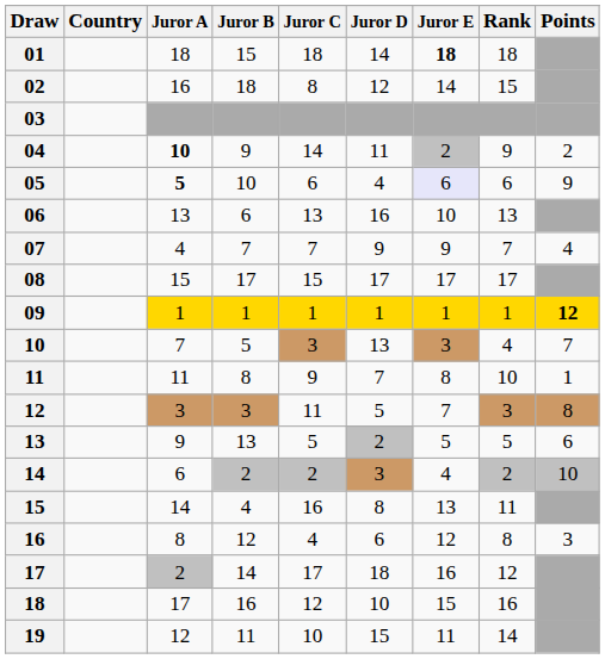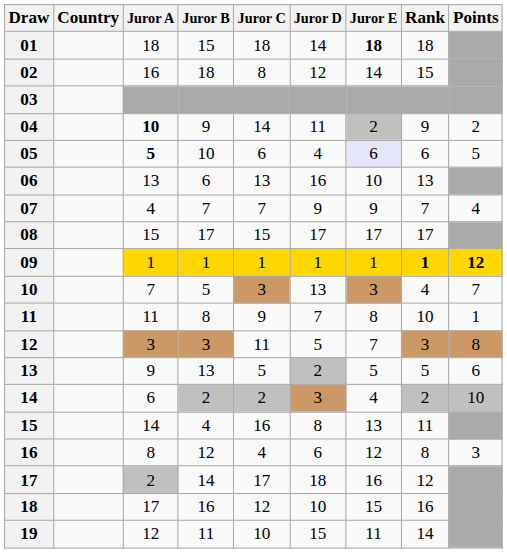 <table class="sortable wikitable collapsible plainrowheaders" style="text-align:center;">
 <tr>
 </tr>
 <tr>
 <th scope="col">Draw</th>
 <th scope="col">Country</th>
 <th scope="col"><small>Juror A</small></th>
 <th scope="col"><small>Juror B</small></th>
 <th scope="col"><small>Juror C</small></th>
 <th scope="col"><small>Juror D</small></th>
 <th scope="col"><small>Juror E</small></th>
 <th scope="col">Rank</th>
 <th scope="col">Points</th>
 </tr>
 <tr>
 <th scope="row" style="text-align:center;">01</th>
 <td style="text-align:left;"></td>
 <td>18</td>
 <td>15</td>
 <td>18</td>
 <td>14</td>
 <td><strong>18</strong></td>
 <td>18</td>
 <td style="background:#AAAAAA;"></td>
 </tr>
 <tr>
 <th scope="row" style="text-align:center;">02</th>
 <td style="text-align:left;"></td>
 <td>16</td>
 <td>18</td>
 <td>8</td>
 <td>12</td>
 <td>14</td>
 <td>15</td>
 <td style="background:#AAAAAA;"></td>
 </tr>
 <tr class="sortbottom">
 <th scope="row" style="text-align:center;">03</th>
 <td style="text-align:left;"></td>
 <td style="background:#AAAAAA;"></td>
 <td style="background:#AAAAAA;"></td>
 <td style="background:#AAAAAA;"></td>
 <td style="background:#AAAAAA;"></td>
 <td style="background:#AAAAAA;"></td>
 <td style="background:#AAAAAA;"></td>
 <td style="background:#AAAAAA;"></td>
 </tr>
 <tr>
 <th scope="row" style="text-align:center;">04</th>
 <td style="text-align:left;"></td>
 <td><strong>10</strong></td>
 <td>9</td>
 <td>14</td>
 <td>11</td>
 <td style="background:silver;">2</td>
 <td>9</td>
 <td>2</td>
 </tr>
 <tr>
 <th scope="row" style="text-align:center;">05</th>
 <td style="text-align:left;"></td>
 <td><strong>5</strong></td>
 <td>10</td>
 <td>6</td>
 <td>4</td>
 <td style="background: lavender;">6</td>
 <td>6</td>
-<td>9</td>
+<td>5</td>
 </tr>
 <tr>
 <th scope="row" style="text-align:center;">06</th>
 <td style="text-align:left;"></td>
 <td>13</td>
 <td>6</td>
 <td>13</td>
 <td>16</td>
 <td>10</td>
 <td>13</td>
 <td style="background:#AAAAAA;"></td>
 </tr>
 <tr>
 <th scope="row" style="text-align:center;">07</th>
 <td style="text-align:left;"></td>
 <td>4</td>
 <td>7</td>
 <td>7</td>
 <td>9</td>
 <td>9</td>
 <td>7</td>
 <td>4</td>
 </tr>
 <tr>
 <th scope="row" style="text-align:center;">08</th>
 <td style="text-align:left;"></td>
 <td>15</td>
 <td>17</td>
 <td>15</td>
 <td>17</td>
 <td>17</td>
 <td>17</td>
 <td style="background:#AAAAAA;"></td>
 </tr>
 <tr>
 <th scope="row" style="text-align:center;">09</th>
 <td style="text-align:left;"></td>
 <td style="background:gold;">1</td>
 <td style="background:gold;">1</td>
 <td style="background:gold;">1</td>
 <td style="background:gold;">1</td>
 <td style="background:gold;">1</td>
-<td style="background:gold;">1</td>
+<td style="background:gold;"><strong>1</strong></td>
 <td style="background:gold;"><strong>12</strong></td>
 </tr>
 <tr>
 <th scope="row" style="text-align:center;">10</th>
 <td style="text-align:left;"></td>
 <td>7</td>
 <td>5</td>
 <td style="background:#CC9966;">3</td>
 <td>13</td>
 <td style="background:#CC9966;">3</td>
 <td>4</td>
 <td>7</td>
 </tr>
 <tr>
 <th scope="row" style="text-align:center;">11</th>
 <td style="text-align:left;"></td>
 <td>11</td>
 <td>8</td>
 <td>9</td>
 <td>7</td>
 <td>8</td>
 <td>10</td>
 <td>1</td>
 </tr>
 <tr>
 <th scope="row" style="text-align:center;">12</th>
 <td style="text-align:left;"></td>
 <td style="background:#CC9966;">3</td>
 <td style="background:#CC9966;">3</td>
 <td>11</td>
 <td>5</td>
 <td>7</td>
 <td style="background:#CC9966;">3</td>
 <td style="background:#CC9966;">8</td>
 </tr>
 <tr>
 <th scope="row" style="text-align:center;">13</th>
 <td style="text-align:left;"></td>
 <td>9</td>
 <td>13</td>
 <td>5</td>
 <td style="background:silver;">2</td>
 <td>5</td>
 <td>5</td>
 <td>6</td>
 </tr>
 <tr>
 <th scope="row" style="text-align:center;">14</th>
 <td style="text-align:left;"></td>
 <td>6</td>
 <td style="background:silver;">2</td>
 <td style="background:silver;">2</td>
 <td style="background:#CC9966;">3</td>
 <td>4</td>
 <td style="background:silver;">2</td>
 <td style="background:silver;">10</td>
 </tr>
 <tr>
 <th scope="row" style="text-align:center;">15</th>
 <td style="text-align:left;"></td>
 <td>14</td>
 <td>4</td>
 <td>16</td>
 <td>8</td>
 <td>13</td>
 <td>11</td>
 <td style="background:#AAAAAA;"></td>
 </tr>
 <tr>
 <th scope="row" style="text-align:center;">16</th>
 <td style="text-align:left;"></td>
 <td>8</td>
 <td>12</td>
 <td>4</td>
 <td>6</td>
 <td>12</td>
 <td>8</td>
 <td>3</td>
 </tr>
 <tr>
 <th scope="row" style="text-align:center;">17</th>
 <td style="text-align:left;"></td>
 <td style="background:silver;">2</td>
 <td>14</td>
 <td>17</td>
 <td>18</td>
 <td>16</td>
 <td>12</td>
 <td style="background:#AAAAAA;"></td>
 </tr>
 <tr>
 <th scope="row" style="text-align:center;">18</th>
 <td style="text-align:left;"></td>
 <td>17</td>
 <td>16</td>
 <td>12</td>
 <td>10</td>
 <td>15</td>
 <td>16</td>
 <td style="background:#AAAAAA;"></td>
 </tr>
 <tr>
 <th scope="row" style="text-align:center;">19</th>
 <td style="text-align:left;"></td>
 <td>12</td>
 <td>11</td>
 <td>10</td>
 <td>15</td>
 <td>11</td>
 <td>14</td>
 <td style="background:#AAAAAA;"></td>
 </tr>
 </table>
